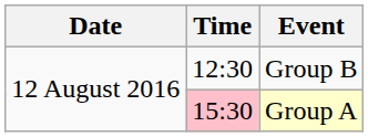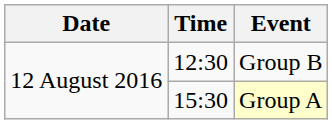 <table class = "wikitable" style="text-align:center;">
 <tr>
 <th>Date</th>
 <th>Time</th>
 <th>Event</th>
 </tr>
 <tr>
 <td rowspan=2>12 August 2016</td>
 <td>12:30</td>
 <td>Group B</td>
 </tr>
 <tr>
-<td style="background: pink;">15:30</td>
+<td>15:30</td>
 <td bgcolor=ffffcc>Group A</td>
 </tr>
 </table>
